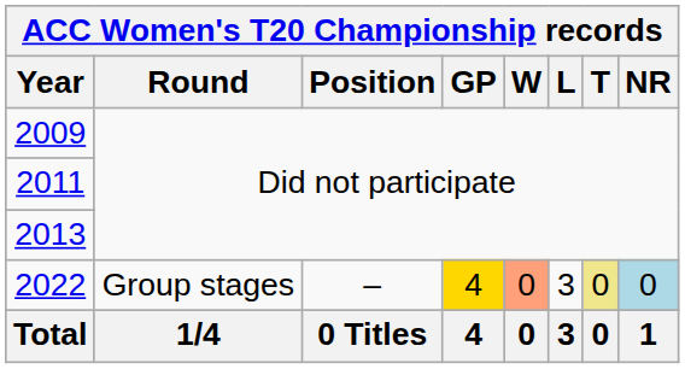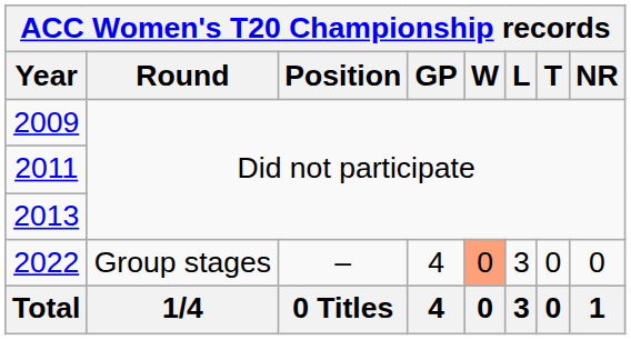 <table class="wikitable" style="text-align: center; width=900px;">
 <tr>
 <th colspan="8"><a href='#'>ACC Women's T20 Championship</a> records</th>
 </tr>
 <tr>
 <th>Year</th>
 <th>Round</th>
 <th>Position</th>
 <th>GP</th>
 <th>W</th>
 <th>L</th>
 <th>T</th>
 <th>NR</th>
 </tr>
 <tr>
 <td> <a href='#'>2009</a></td>
 <td colspan=8 rowspan=3>Did not participate</td>
 </tr>
 <tr>
 <td> <a href='#'>2011</a></td>
 </tr>
 <tr>
 <td> <a href='#'>2013</a></td>
 </tr>
 <tr>
 <td> <a href='#'>2022</a></td>
 <td>Group stages</td>
 <td>–</td>
-<td style="background: gold;">4</td>
+<td>4</td>
 <td style="background: lightsalmon;">0</td>
 <td>3</td>
-<td style="background: khaki;">0</td>
-<td style="background: lightblue;">0</td>
+<td>0</td>
+<td>0</td>
 </tr>
 <tr>
 <th>Total</th>
 <th>1/4</th>
 <th>0 Titles</th>
 <th>4</th>
 <th>0</th>
 <th>3</th>
 <th>0</th>
 <th>1</th>
 </tr>
 </table>
